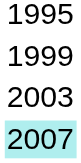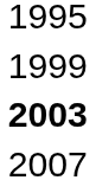 <table>
 <tr>
 <td>1995</td>
 <td></td>
 <td></td>
 <td></td>
 </tr>
 <tr>
 <td>1999</td>
 <td></td>
 <td></td>
 <td><br></td>
 </tr>
 <tr>
-<td>2003</td>
+<td><strong>2003</strong></td>
 <td></td>
 <td></td>
 <td><br></td>
 </tr>
 <tr>
-<td style="background: paleturquoise;">2007</td>
+<td>2007</td>
 <td></td>
 <td></td>
 <td><br></td>
 </tr>
 </table>
